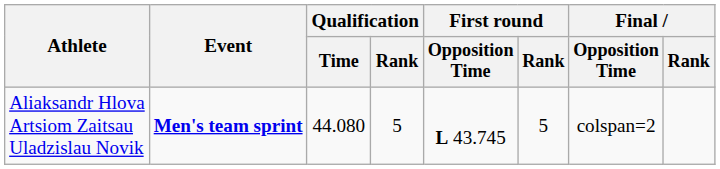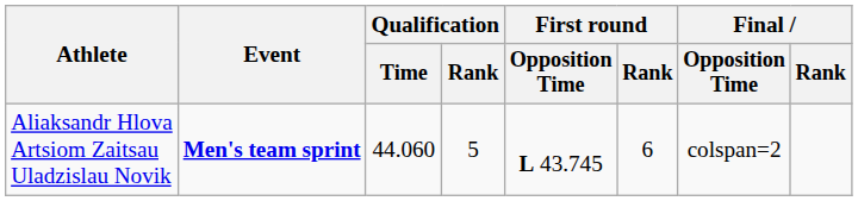 <table class="wikitable" style="text-align:center; font-size:90%">
 <tr>
 <th rowspan=2>Athlete</th>
 <th rowspan=2>Event</th>
 <th colspan=2>Qualification</th>
 <th colspan=2>First round</th>
 <th colspan=2>Final / </th>
 </tr>
 <tr style="font-size:95%">
 <th>Time<br></th>
 <th>Rank</th>
 <th>Opposition<br>Time</th>
 <th>Rank</th>
 <th>Opposition<br>Time</th>
 <th>Rank</th>
 </tr>
 <tr>
 <td align=left><a href='#'>Aliaksandr Hlova</a><br><a href='#'>Artsiom Zaitsau</a><br><a href='#'>Uladzislau Novik</a></td>
 <td align=left><strong><a href='#'>Men's team sprint</a></strong></td>
-<td>44.080</td>
+<td>44.060</td>
 <td>5</td>
 <td><br><strong>L</strong> 43.745</td>
-<td>5</td>
+<td>6</td>
 <td>colspan=2 </td>
 </tr>
 </table>
